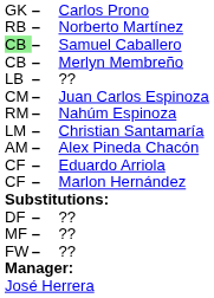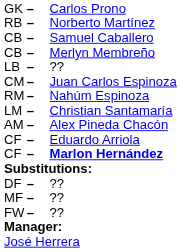 <table style="font-size: 90%" cellspacing="0" cellpadding="0">
 <tr>
 <td colspan=4></td>
 </tr>
 <tr>
 <th width="25"></th>
 <th width="25"></th>
 </tr>
 <tr>
 <td>GK</td>
 <td><strong>–</strong></td>
 <td> <a href='#'>Carlos Prono</a></td>
 </tr>
 <tr>
 <td>RB</td>
 <td><strong>–</strong></td>
 <td> <a href='#'>Norberto Martínez</a></td>
 </tr>
 <tr>
-<td style="background: lightgreen;">CB</td>
+<td>CB</td>
 <td><strong>–</strong></td>
 <td> <a href='#'>Samuel Caballero</a></td>
 </tr>
 <tr>
 <td>CB</td>
 <td><strong>–</strong></td>
 <td> <a href='#'>Merlyn Membreño</a></td>
 </tr>
 <tr>
 <td>LB</td>
 <td><strong>–</strong></td>
 <td> ??</td>
 </tr>
 <tr>
 <td>CM</td>
 <td><strong>–</strong></td>
 <td> <a href='#'>Juan Carlos Espinoza</a></td>
 </tr>
 <tr>
 <td>RM</td>
 <td><strong>–</strong></td>
 <td> <a href='#'>Nahúm Espinoza</a></td>
 </tr>
 <tr>
 <td>LM</td>
 <td><strong>–</strong></td>
 <td> <a href='#'>Christian Santamaría</a></td>
 </tr>
 <tr>
 <td>AM</td>
 <td><strong>–</strong></td>
 <td> <a href='#'>Alex Pineda Chacón</a></td>
 </tr>
 <tr>
 <td>CF</td>
 <td><strong>–</strong></td>
 <td> <a href='#'>Eduardo Arriola</a></td>
 </tr>
 <tr>
 <td>CF</td>
 <td><strong>–</strong></td>
-<td> <a href='#'>Marlon Hernández</a></td>
+<td><strong> <a href='#'>Marlon Hernández</a></strong></td>
 </tr>
 <tr>
 <td colspan=3><strong>Substitutions:</strong></td>
 </tr>
 <tr>
 <td>DF</td>
 <td><strong>–</strong></td>
 <td> ??</td>
 </tr>
 <tr>
 <td>MF</td>
 <td><strong>–</strong></td>
 <td> ??</td>
 </tr>
 <tr>
 <td>FW</td>
 <td><strong>–</strong></td>
 <td> ??</td>
 </tr>
 <tr>
 <td colspan=3><strong>Manager:</strong></td>
 </tr>
 <tr>
 <td colspan=3> <a href='#'>José Herrera</a></td>
 </tr>
 </table>
